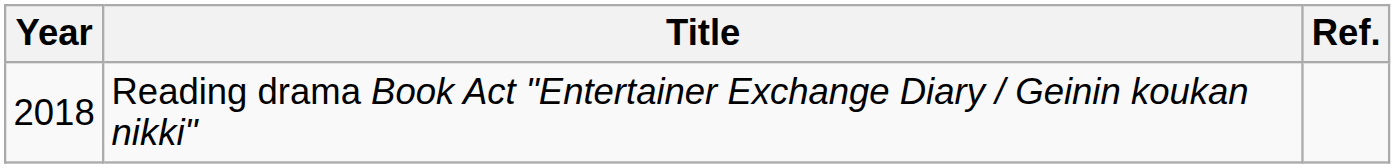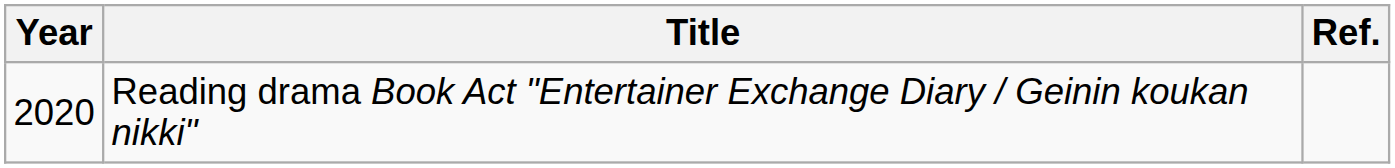 <table class="wikitable">
 <tr>
 <th>Year</th>
 <th>Title</th>
 <th>Ref.</th>
 </tr>
 <tr>
-<td>2018</td>
+<td>2020</td>
 <td>Reading drama <em>Book Act "Entertainer Exchange Diary / Geinin koukan nikki"</em></td>
 <td></td>
 </tr>
 </table>
